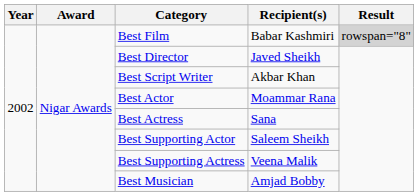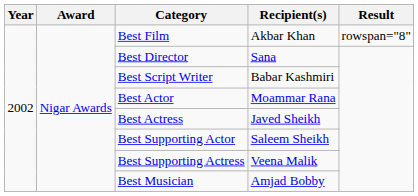 <table class="wikitable sortable">
 <tr>
 <th>Year</th>
 <th>Award</th>
 <th>Category</th>
 <th>Recipient(s)</th>
 <th>Result</th>
 </tr>
 <tr>
 <td rowspan="8">2002</td>
 <td rowspan="8"><a href='#'>Nigar Awards</a></td>
 <td><a href='#'>Best Film</a></td>
-<td>Babar Kashmiri</td>
-<td style="background: lightgrey;">rowspan="8" </td>
+<td>Akbar Khan</td>
+<td>rowspan="8" </td>
 </tr>
 <tr>
 <td><a href='#'>Best Director</a></td>
-<td><a href='#'>Javed Sheikh</a></td>
+<td><a href='#'>Sana</a></td>
 </tr>
 <tr>
 <td><a href='#'>Best Script Writer</a></td>
-<td>Akbar Khan</td>
+<td>Babar Kashmiri</td>
 </tr>
 <tr>
 <td><a href='#'>Best Actor</a></td>
 <td><a href='#'>Moammar Rana</a></td>
 </tr>
 <tr>
 <td><a href='#'>Best Actress</a></td>
-<td><a href='#'>Sana</a></td>
+<td><a href='#'>Javed Sheikh</a></td>
 </tr>
 <tr>
 <td><a href='#'>Best Supporting Actor</a></td>
 <td><a href='#'>Saleem Sheikh</a></td>
 </tr>
 <tr>
 <td><a href='#'>Best Supporting Actress</a></td>
 <td><a href='#'>Veena Malik</a></td>
 </tr>
 <tr>
 <td><a href='#'>Best Musician</a></td>
 <td><a href='#'>Amjad Bobby</a></td>
 </tr>
 </table>
